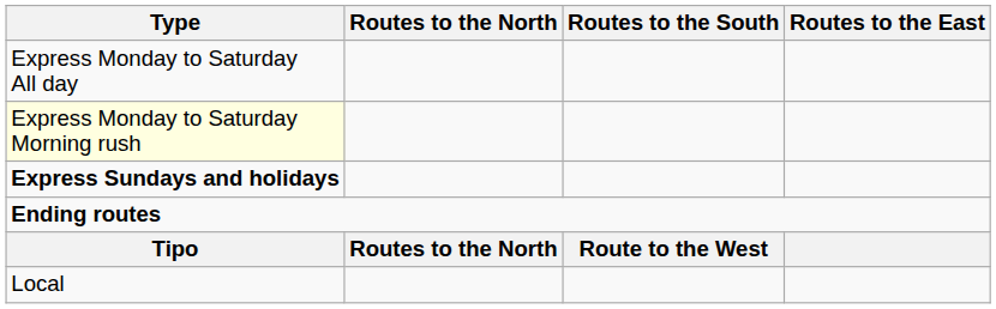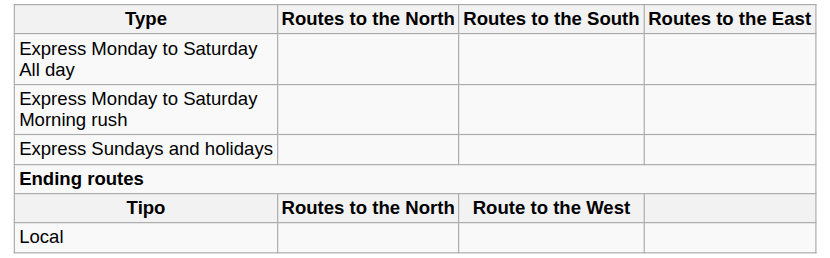 <table class="wikitable" style="margin:1em auto;">
 <tr>
 <th>Type</th>
 <th>Routes to the North</th>
 <th>Routes to the South</th>
 <th>Routes to the East</th>
 </tr>
 <tr>
 <td>Express Monday to Saturday <br>All day</td>
 <td></td>
 <td></td>
 <td></td>
 </tr>
 <tr>
-<td style="background: lightyellow;">Express Monday to Saturday <br>Morning rush</td>
+<td>Express Monday to Saturday <br>Morning rush</td>
 <td></td>
 <td></td>
 <td></td>
 </tr>
 <tr>
-<td><strong>Express Sundays and holidays</strong></td>
+<td>Express Sundays and holidays</td>
 <td></td>
 <td></td>
 <td></td>
 </tr>
 <tr>
 <td colspan="5"><strong>Ending routes</strong></td>
 </tr>
 <tr>
 <th>Tipo</th>
 <th>Routes to the North</th>
 <th>Route to the West</th>
 <th colspan="5"></th>
 </tr>
 <tr>
 <td>Local</td>
 <td></td>
 <td></td>
 <td colspan="5"></td>
 </tr>
 </table>
